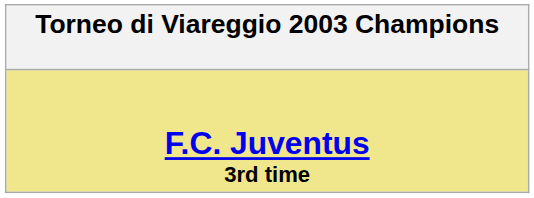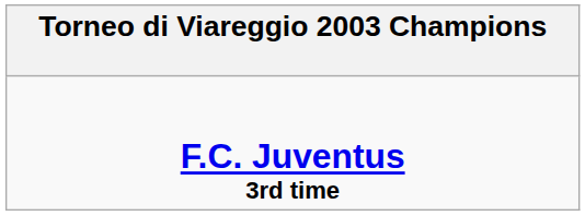 <table class="wikitable" style="margin: 0 auto; width: 30%;">
 <tr>
 <th><big>Torneo di Viareggio 2003 Champions</big><br><br></th>
 </tr>
 <tr>
-<td align=center style="background: khaki;"><br><br><big><big><strong><a href='#'>F.C. Juventus</a></strong><br></big></big><strong>3rd time</strong></td>
+<td align=center><br><br><big><big><strong><a href='#'>F.C. Juventus</a></strong><br></big></big><strong>3rd time</strong></td>
 </tr>
 </table>
